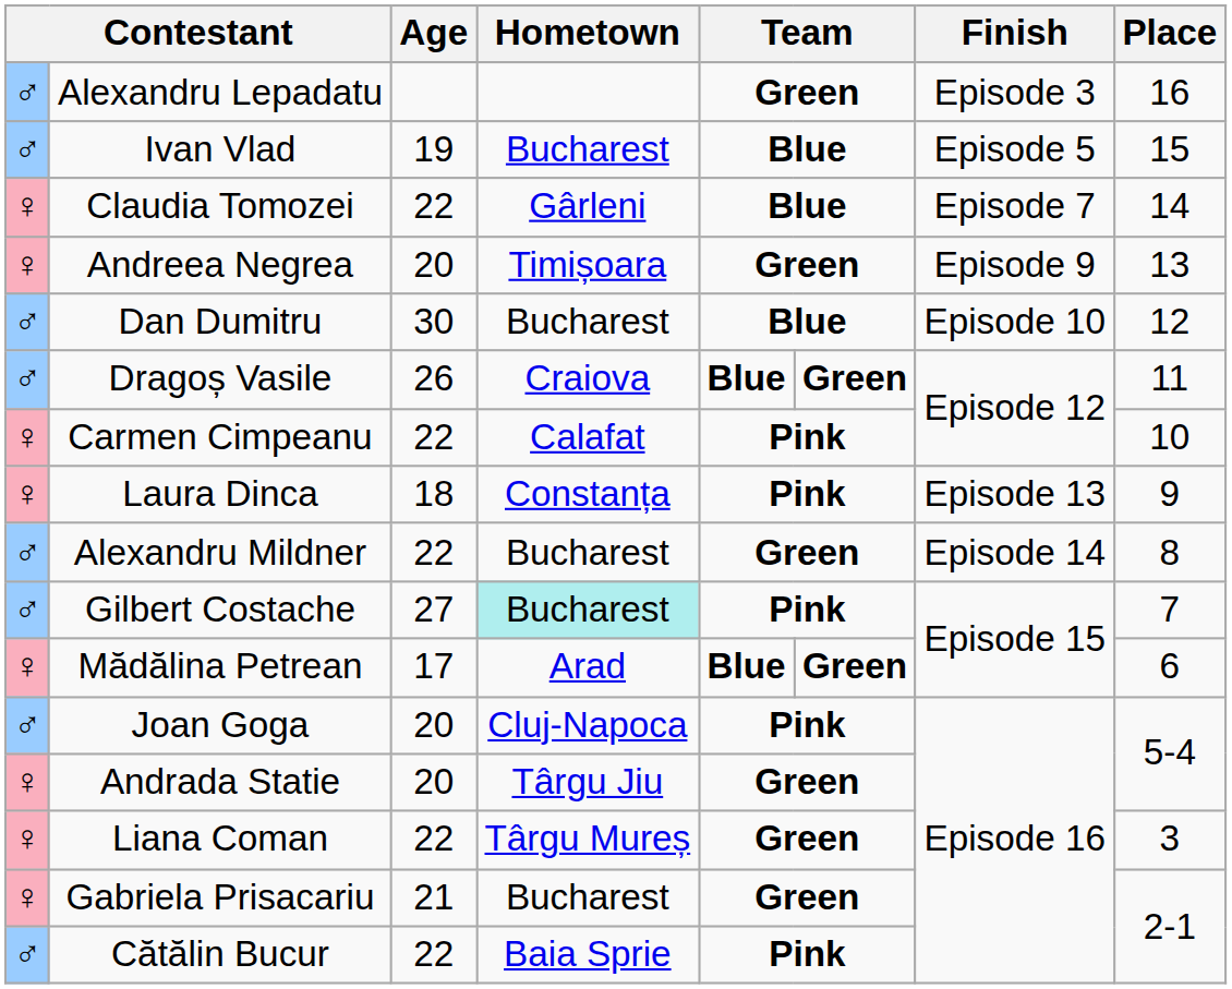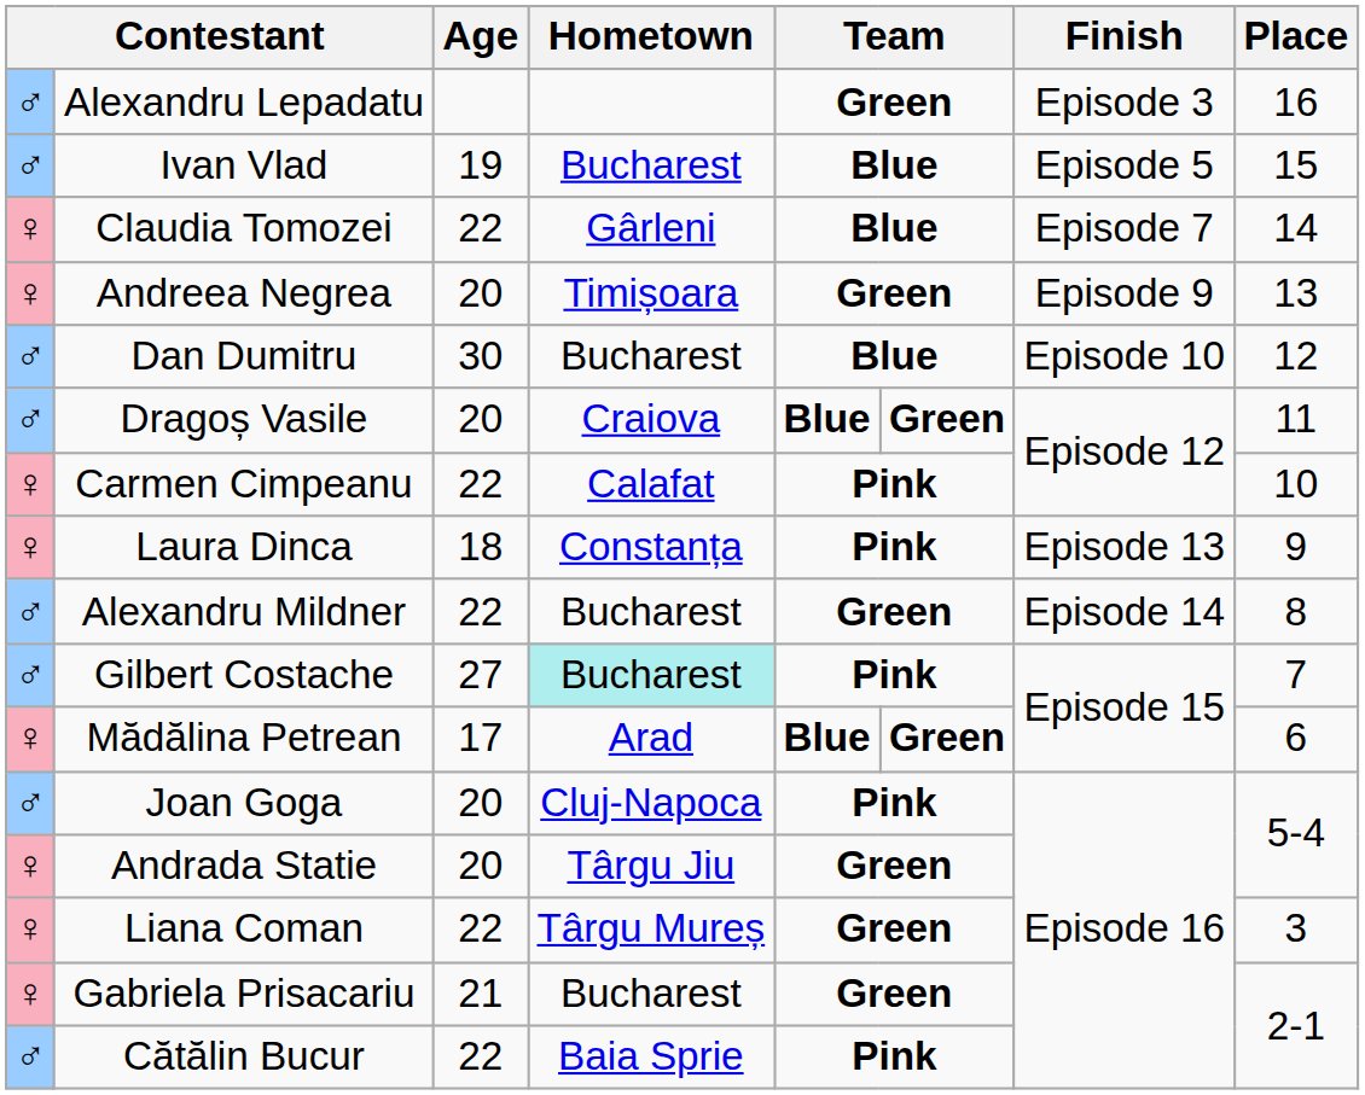 <table class="wikitable sortable" style="text-align:center;">
 <tr>
 <th colspan="2">Contestant</th>
 <th>Age</th>
 <th>Hometown</th>
 <th colspan="2">Team</th>
 <th>Finish</th>
 <th>Place<br></th>
 </tr>
 <tr>
 <td style="background:#9cf;">♂</td>
 <td>Alexandru Lepadatu</td>
 <td></td>
 <td></td>
 <td colspan="2"><strong><span>Green</span></strong></td>
 <td>Episode 3</td>
 <td>16</td>
 </tr>
 <tr>
 <td style="background:#9cf;">♂</td>
 <td>Ivan Vlad</td>
 <td>19</td>
 <td><a href='#'>Bucharest</a></td>
 <td colspan="2"><strong><span>Blue</span></strong></td>
 <td>Episode 5</td>
 <td>15</td>
 </tr>
 <tr>
 <td style="background:#faafbe">♀</td>
 <td>Claudia Tomozei</td>
 <td>22</td>
 <td><a href='#'>Gârleni</a></td>
 <td colspan="2"><strong><span>Blue</span></strong></td>
 <td>Episode 7</td>
 <td>14</td>
 </tr>
 <tr>
 <td style="background:#faafbe">♀</td>
 <td>Andreea Negrea</td>
 <td>20</td>
 <td><a href='#'>Timișoara</a></td>
 <td colspan="2"><strong><span>Green</span></strong></td>
 <td>Episode 9</td>
 <td>13</td>
 </tr>
 <tr>
 <td style="background:#9cf;">♂</td>
 <td>Dan Dumitru</td>
 <td>30</td>
 <td>Bucharest</td>
 <td colspan="2"><strong><span>Blue</span></strong></td>
 <td>Episode 10</td>
 <td>12</td>
 </tr>
 <tr>
 <td style="background:#9cf;">♂</td>
 <td>Dragoș Vasile</td>
-<td>26</td>
+<td>20</td>
 <td><a href='#'>Craiova</a></td>
 <td><strong><span>Blue</span></strong></td>
 <td><strong><span>Green</span></strong></td>
 <td rowspan="2">Episode 12</td>
 <td>11</td>
 </tr>
 <tr>
 <td style="background:#faafbe">♀</td>
 <td>Carmen Cimpeanu</td>
 <td>22</td>
 <td><a href='#'>Calafat</a></td>
 <td colspan="2"><strong><span>Pink</span></strong></td>
 <td>10</td>
 </tr>
 <tr>
 <td style="background:#faafbe">♀</td>
 <td>Laura Dinca</td>
 <td>18</td>
 <td><a href='#'>Constanța</a></td>
 <td colspan="2"><strong><span>Pink</span></strong></td>
 <td>Episode 13</td>
 <td>9</td>
 </tr>
 <tr>
 <td style="background:#9cf;">♂</td>
 <td>Alexandru Mildner</td>
 <td>22</td>
 <td>Bucharest</td>
 <td colspan="2"><strong><span>Green</span></strong></td>
 <td>Episode 14</td>
 <td>8</td>
 </tr>
 <tr>
 <td style="background:#9cf;">♂</td>
 <td>Gilbert Costache</td>
 <td>27</td>
 <td style="background: paleturquoise;">Bucharest</td>
 <td colspan="2"><strong><span>Pink</span></strong></td>
 <td rowspan="2">Episode 15</td>
 <td>7</td>
 </tr>
 <tr>
 <td style="background:#faafbe">♀</td>
 <td>Mădălina Petrean</td>
 <td>17</td>
 <td><a href='#'>Arad</a></td>
 <td><strong><span>Blue</span></strong></td>
 <td><strong><span>Green</span></strong></td>
 <td>6</td>
 </tr>
 <tr>
 <td style="background:#9cf;">♂</td>
 <td>Joan Goga</td>
 <td>20</td>
 <td><a href='#'>Cluj-Napoca</a></td>
 <td colspan="2"><strong><span>Pink</span></strong></td>
 <td rowspan="5">Episode 16</td>
 <td rowspan="2">5-4</td>
 </tr>
 <tr>
 <td style="background:#faafbe">♀</td>
 <td>Andrada Statie</td>
 <td>20</td>
 <td><a href='#'>Târgu Jiu</a></td>
 <td colspan="2"><strong><span>Green</span></strong></td>
 </tr>
 <tr>
 <td style="background:#faafbe">♀</td>
 <td>Liana Coman</td>
 <td>22</td>
 <td><a href='#'>Târgu Mureș</a></td>
 <td colspan="2"><strong><span>Green</span></strong></td>
 <td>3</td>
 </tr>
 <tr>
 <td style="background:#faafbe">♀</td>
 <td>Gabriela Prisacariu</td>
 <td>21</td>
 <td>Bucharest</td>
 <td colspan="2"><strong><span>Green</span></strong></td>
 <td rowspan="2">2-1</td>
 </tr>
 <tr>
 <td style="background:#9cf;">♂</td>
 <td>Cătălin Bucur</td>
 <td>22</td>
 <td><a href='#'>Baia Sprie</a></td>
 <td colspan="2"><strong><span>Pink</span></strong></td>
 </tr>
 </table>
